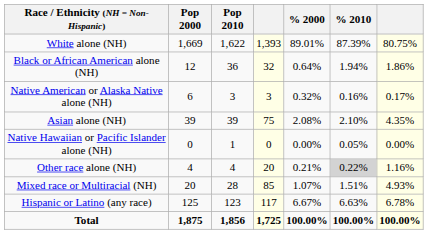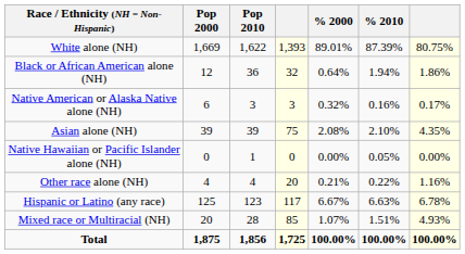 <table class="wikitable" style="text-align:center;">
 <tr>
 <th>Race / Ethnicity <small>(<em>NH = Non-Hispanic</em>)</small></th>
 <th>Pop 2000</th>
 <th>Pop 2010</th>
 <th></th>
 <th>% 2000</th>
 <th>% 2010</th>
 <th></th>
 </tr>
 <tr>
 <td><a href='#'>White</a> alone (NH)</td>
 <td>1,669</td>
 <td>1,622</td>
 <td style='background: #ffffe6;'>1,393</td>
 <td>89.01%</td>
 <td>87.39%</td>
 <td style='background: #ffffe6;'>80.75%</td>
 </tr>
 <tr>
 <td><a href='#'>Black or African American</a> alone (NH)</td>
 <td>12</td>
 <td>36</td>
 <td style='background: #ffffe6;'>32</td>
 <td>0.64%</td>
 <td>1.94%</td>
 <td style='background: #ffffe6;'>1.86%</td>
 </tr>
 <tr>
 <td><a href='#'>Native American</a> or <a href='#'>Alaska Native</a> alone (NH)</td>
 <td>6</td>
 <td>3</td>
 <td style='background: #ffffe6;'>3</td>
 <td>0.32%</td>
 <td>0.16%</td>
 <td style='background: #ffffe6;'>0.17%</td>
 </tr>
 <tr>
 <td><a href='#'>Asian</a> alone (NH)</td>
 <td>39</td>
 <td>39</td>
 <td style='background: #ffffe6;'>75</td>
 <td>2.08%</td>
 <td>2.10%</td>
 <td style='background: #ffffe6;'>4.35%</td>
 </tr>
 <tr>
 <td><a href='#'>Native Hawaiian</a> or <a href='#'>Pacific Islander</a> alone (NH)</td>
 <td>0</td>
 <td>1</td>
 <td style='background: #ffffe6;'>0</td>
 <td>0.00%</td>
 <td>0.05%</td>
 <td style='background: #ffffe6;'>0.00%</td>
 </tr>
 <tr>
 <td><a href='#'>Other race</a> alone (NH)</td>
 <td>4</td>
 <td>4</td>
 <td style='background: #ffffe6;'>20</td>
 <td>0.21%</td>
-<td style="background: lightgrey;">0.22%</td>
+<td>0.22%</td>
 <td style='background: #ffffe6;'>1.16%</td>
+</tr>
+<tr>
+<td><a href='#'>Hispanic or Latino</a> (any race)</td>
+<td>125</td>
+<td>123</td>
+<td style='background: #ffffe6;'>117</td>
+<td>6.67%</td>
+<td>6.63%</td>
+<td style='background: #ffffe6;'>6.78%</td>
 </tr>
 <tr>
 <td><a href='#'>Mixed race or Multiracial</a> (NH)</td>
 <td>20</td>
 <td>28</td>
 <td style='background: #ffffe6;'>85</td>
 <td>1.07%</td>
 <td>1.51%</td>
 <td style='background: #ffffe6;'>4.93%</td>
 </tr>
 <tr>
-<td><a href='#'>Hispanic or Latino</a> (any race)</td>
-<td>125</td>
-<td>123</td>
-<td style='background: #ffffe6;'>117</td>
-<td>6.67%</td>
-<td>6.63%</td>
-<td style='background: #ffffe6;'>6.78%</td>
-</tr>
-<tr>
 <td><strong>Total</strong></td>
 <td><strong>1,875</strong></td>
 <td><strong>1,856</strong></td>
 <td style='background: #ffffe6;'><strong>1,725</strong></td>
 <td><strong>100.00%</strong></td>
 <td><strong>100.00%</strong></td>
 <td style='background: #ffffe6;'><strong>100.00%</strong></td>
 </tr>
 </table>
